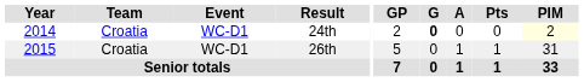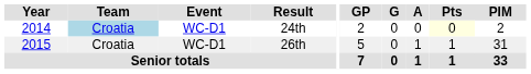 <table border="0" cellpadding="1" cellspacing="0" ID="Table3" style="text-align:center; width:40em">
 <tr ALIGN="center" bgcolor="#e0e0e0">
 <th>Year</th>
 <th>Team</th>
 <th>Event</th>
 <th>Result</th>
 <th rowspan="99" bgcolor="#ffffff"></th>
 <th>GP</th>
 <th>G</th>
 <th>A</th>
 <th>Pts</th>
 <th>PIM</th>
 </tr>
 <tr>
 <td><a href='#'>2014</a></td>
-<td><a href='#'>Croatia</a></td>
+<td style="background: lightblue;"><a href='#'>Croatia</a></td>
 <td><a href='#'>WC-D1</a></td>
 <td>24th</td>
 <td>2</td>
-<td><strong>0</strong></td>
 <td>0</td>
 <td>0</td>
-<td style="background: lightyellow;">2</td>
+<td style="background: lightyellow;">0</td>
+<td>2</td>
 </tr>
 <tr style="background:#f0f0f0;">
 <td><a href='#'>2015</a></td>
 <td>Croatia</td>
 <td>WC-D1</td>
 <td>26th</td>
 <td>5</td>
 <td>0</td>
 <td>1</td>
 <td>1</td>
 <td>31</td>
 </tr>
 <tr ALIGN="center" bgcolor="#e0e0e0">
 <th colspan=4>Senior totals</th>
 <th>7</th>
 <th>0</th>
 <th>1</th>
 <th>1</th>
 <th>33</th>
 </tr>
 </table>
